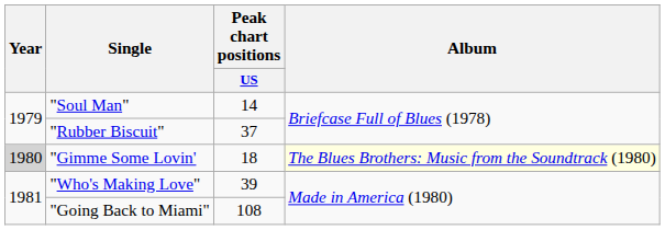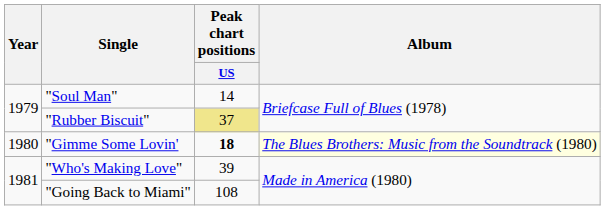 <table class="wikitable" style="text-align:center;">
 <tr>
 <th rowspan="2">Year</th>
 <th rowspan="2">Single</th>
 <th colspan="1">Peak chart positions</th>
 <th rowspan="2">Album</th>
 </tr>
 <tr style="font-size:smaller;">
 <th width="40"><a href='#'>US</a><br></th>
 </tr>
 <tr>
 <td rowspan="2">1979</td>
 <td align="left">"<a href='#'>Soul Man</a>"</td>
 <td>14</td>
 <td rowspan="2" align="left"><em><a href='#'>Briefcase Full of Blues</a></em> (1978)</td>
 </tr>
 <tr>
 <td align="left">"<a href='#'>Rubber Biscuit</a>"</td>
-<td>37</td>
+<td style="background: khaki;">37</td>
 </tr>
 <tr>
-<td style="background: lightgrey;">1980</td>
+<td>1980</td>
 <td align="left">"<a href='#'>Gimme Some Lovin'</a></td>
-<td>18</td>
+<td><strong>18</strong></td>
 <td align="left" style="background: lightyellow;"><em><a href='#'>The Blues Brothers: Music from the Soundtrack</a></em> (1980)</td>
 </tr>
 <tr>
 <td rowspan="2">1981</td>
 <td align="left">"<a href='#'>Who's Making Love</a>"</td>
 <td>39</td>
 <td rowspan="2" align="left"><em><a href='#'>Made in America</a></em> (1980)</td>
 </tr>
 <tr>
 <td align="left">"Going Back to Miami"</td>
 <td>108</td>
 </tr>
 </table>
